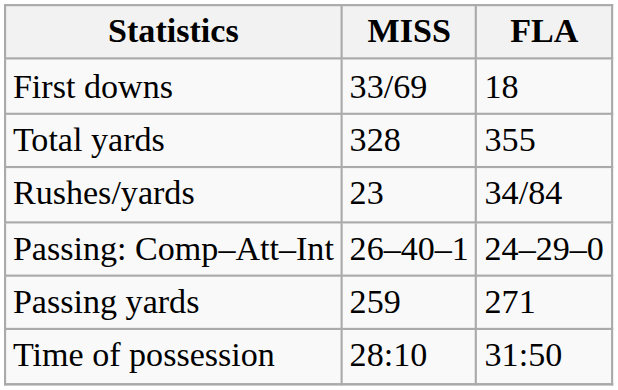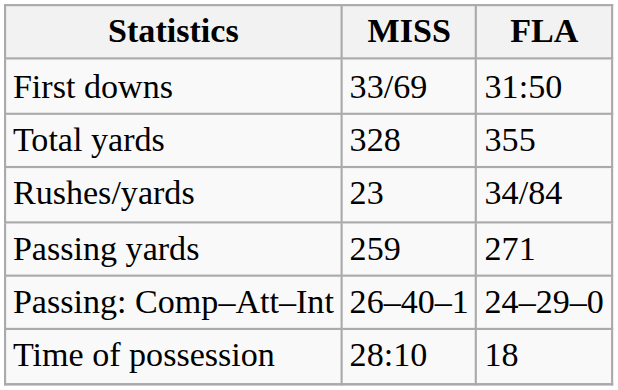 <table class="wikitable" style="float: left;">
 <tr>
 <th>Statistics</th>
 <th>MISS</th>
 <th>FLA</th>
 </tr>
 <tr>
 <td>First downs</td>
 <td>33/69</td>
-<td>18</td>
+<td>31:50</td>
 </tr>
 <tr>
 <td>Total yards</td>
 <td>328</td>
 <td>355</td>
 </tr>
 <tr>
 <td>Rushes/yards</td>
 <td>23</td>
 <td>34/84</td>
 </tr>
 <tr>
+<td>Passing yards</td>
+<td>259</td>
+<td>271</td>
+</tr>
+<tr>
 <td>Passing: Comp–Att–Int</td>
 <td>26–40–1</td>
 <td>24–29–0</td>
 </tr>
 <tr>
-<td>Passing yards</td>
-<td>259</td>
-<td>271</td>
-</tr>
-<tr>
 <td>Time of possession</td>
 <td>28:10</td>
-<td>31:50</td>
+<td>18</td>
 </tr>
 <tr>
 </tr>
 </table>
